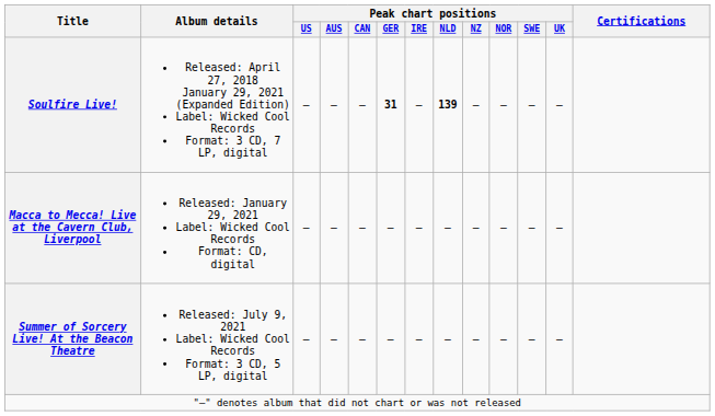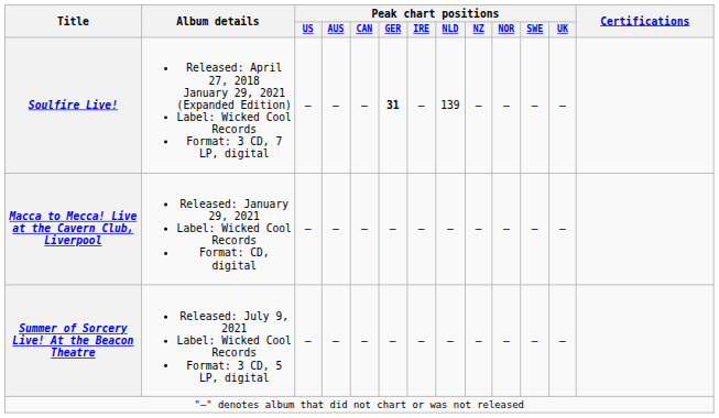 <table class="wikitable plainrowheaders" style="text-align:center;">
 <tr>
 <th scope="col" rowspan="2" style="width:15em;">Title</th>
 <th scope="col" rowspan="2" style="width:16em;">Album details</th>
 <th scope="col" colspan="10">Peak chart positions</th>
 <th scope="col" rowspan="2" style="width:14em;"><a href='#'>Certifications</a></th>
 </tr>
 <tr>
 <th scope="col" style="width:3em;font-size:85%;"><a href='#'>US</a><br></th>
 <th scope="col" style="width:3em;font-size:85%;"><a href='#'>AUS</a></th>
 <th scope="col" style="width:3em;font-size:85%;"><a href='#'>CAN</a></th>
 <th scope="col" style="width:3em;font-size:85%;"><a href='#'>GER</a><br></th>
 <th scope="col" style="width:3em;font-size:85%;"><a href='#'>IRE</a></th>
 <th scope="col" style="width:3em;font-size:85%;"><a href='#'>NLD</a><br></th>
 <th scope="col" style="width:3em;font-size:85%;"><a href='#'>NZ</a><br></th>
 <th scope="col" style="width:3em;font-size:85%;"><a href='#'>NOR</a></th>
 <th scope="col" style="width:3em;font-size:85%;"><a href='#'>SWE</a></th>
 <th scope="col" style="width:3em;font-size:85%;"><a href='#'>UK</a><br></th>
 </tr>
 <tr>
 <th scope="row"><em><a href='#'>Soulfire Live!</a></em></th>
 <td><br><ul><li>Released: April 27, 2018<br>January 29, 2021 (Expanded Edition)</li><li>Label: Wicked Cool Records</li><li>Format: 3 CD, 7 LP, digital</li></ul></td>
 <td>—</td>
 <td>—</td>
 <td>—</td>
 <td><strong>31</strong></td>
 <td>—</td>
-<td><strong>139</strong></td>
+<td>139</td>
 <td>—</td>
 <td>—</td>
 <td>—</td>
 <td>—</td>
 <td></td>
 </tr>
 <tr>
 <th scope="row"><em><a href='#'>Macca to Mecca! Live at the Cavern Club, Liverpool</a></em></th>
 <td><br><ul><li>Released: January 29, 2021</li><li>Label: Wicked Cool Records</li><li>Format: CD, digital</li></ul></td>
 <td>—</td>
 <td>—</td>
 <td>—</td>
 <td>—</td>
 <td>—</td>
 <td>—</td>
 <td>—</td>
 <td>—</td>
 <td>—</td>
 <td>—</td>
 <td></td>
 </tr>
 <tr>
 <th scope="row"><em><a href='#'>Summer of Sorcery Live! At the Beacon Theatre</a></em></th>
 <td><br><ul><li>Released: July 9, 2021</li><li>Label: Wicked Cool Records</li><li>Format: 3 CD, 5 LP, digital</li></ul></td>
 <td>—</td>
 <td>—</td>
 <td>—</td>
 <td>—</td>
 <td>—</td>
 <td>—</td>
 <td>—</td>
 <td>—</td>
 <td>—</td>
 <td>—</td>
 <td></td>
 </tr>
 <tr>
 <td colspan="14" style="font-size:9pt">"—" denotes album that did not chart or was not released</td>
 </tr>
 </table>
